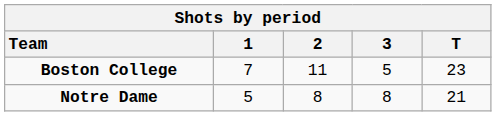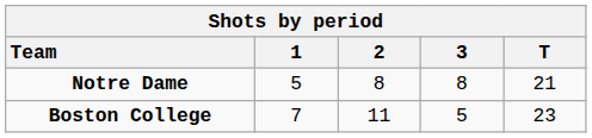 <table class="wikitable" style="width:30em; text-align:right;">
 <tr>
 <th colspan=5>Shots by period</th>
 </tr>
 <tr>
 <th style="width:10em; text-align:left;">Team</th>
 <th style="width:3em;">1</th>
 <th style="width:3em;">2</th>
 <th style="width:3em;">3</th>
 <th style="width:3em;">T</th>
 </tr>
 <tr>
+<td align=center><strong>Notre Dame</strong></td>
+<td align=center>5</td>
+<td align=center>8</td>
+<td align=center>8</td>
+<td align=center>21</td>
+</tr>
+<tr>
 <td align=center><strong>Boston College</strong></td>
 <td align=center>7</td>
 <td align=center>11</td>
 <td align=center>5</td>
 <td align=center>23</td>
 </tr>
-<tr>
-<td align=center><strong>Notre Dame</strong></td>
-<td align=center>5</td>
-<td align=center>8</td>
-<td align=center>8</td>
-<td align=center>21</td>
-</tr>
 </table>
